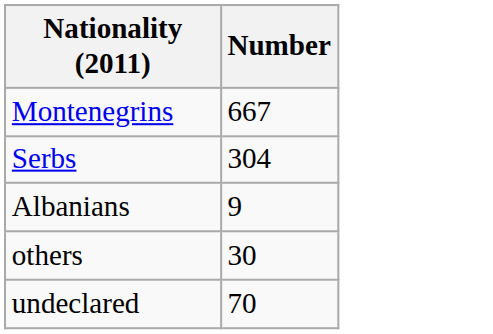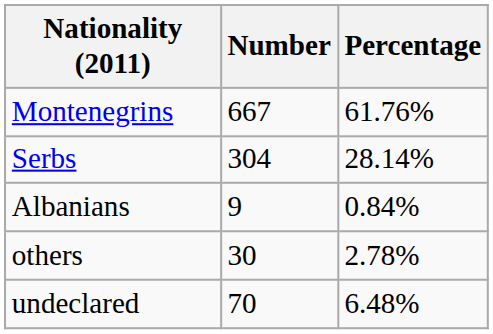 <table class="wikitable" style="font-size:90%">
 <tr>
 <th width="100px">Nationality (2011)</th>
 <th width="40px">Number</th>
+<th width="40px">Percentage</th>
 </tr>
 <tr>
 <td><a href='#'>Montenegrins</a></td>
 <td>667</td>
+<td>61.76%</td>
 </tr>
 <tr>
 <td><a href='#'>Serbs</a></td>
 <td>304</td>
+<td>28.14%</td>
 </tr>
 <tr>
 <td>Albanians</td>
 <td>9</td>
+<td>0.84%</td>
 </tr>
 <tr>
 <td>others</td>
 <td>30</td>
+<td>2.78%</td>
 </tr>
 <tr>
 <td>undeclared</td>
 <td>70</td>
+<td>6.48%</td>
 </tr>
 </table>
